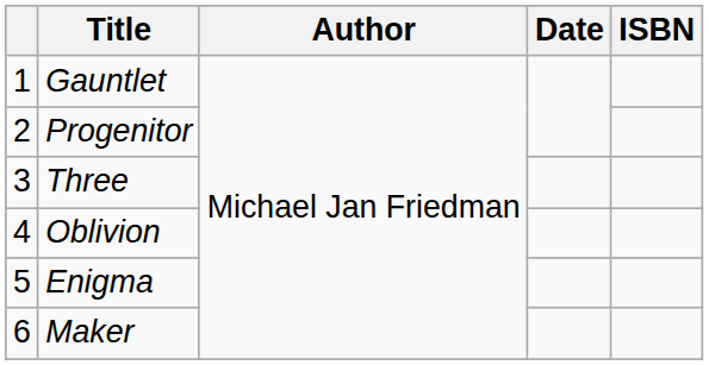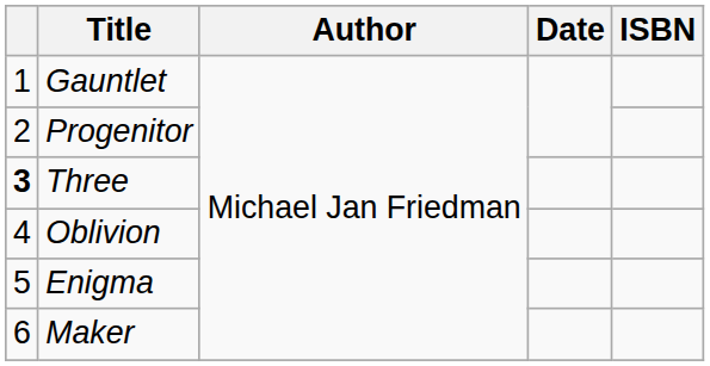 <table class="wikitable">
 <tr>
 <th></th>
 <th>Title</th>
 <th>Author</th>
 <th>Date</th>
 <th>ISBN</th>
 </tr>
 <tr>
 <td>1</td>
 <td><em>Gauntlet</em></td>
 <td rowspan="6">Michael Jan Friedman</td>
 <td rowspan="2"></td>
 <td></td>
 </tr>
 <tr>
 <td>2</td>
 <td><em>Progenitor</em></td>
 <td></td>
 </tr>
 <tr>
-<td>3</td>
+<td><strong>3</strong></td>
 <td><em>Three</em></td>
 <td></td>
 <td></td>
 </tr>
 <tr>
 <td>4</td>
 <td><em>Oblivion</em></td>
 <td></td>
 <td></td>
 </tr>
 <tr>
 <td>5</td>
 <td><em>Enigma</em></td>
 <td></td>
 <td></td>
 </tr>
 <tr>
 <td>6</td>
 <td><em>Maker</em></td>
 <td></td>
 <td></td>
 </tr>
 </table>
